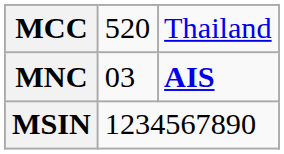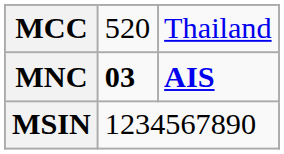 <table class="wikitable">
 <tr>
 <th>MCC</th>
 <td>520</td>
 <td><a href='#'>Thailand</a></td>
 </tr>
 <tr>
 <th>MNC</th>
-<td>03</td>
+<td><strong>03</strong></td>
 <td><strong><a href='#'>AIS</a> </strong></td>
 </tr>
 <tr>
 <th>MSIN</th>
 <td colspan=2>1234567890</td>
 </tr>
 </table>
